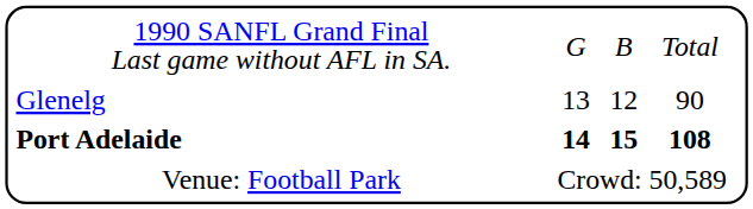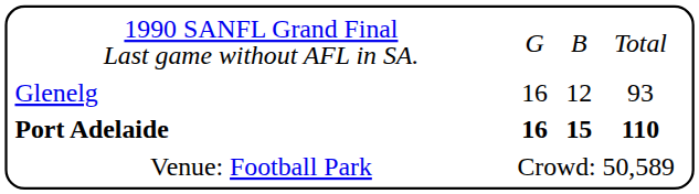 <table style="margin-right:4px; margin-top:8px; float:right; border:1px #000 solid; border-radius:8px; background:#fff; font-family:Verdana; font-size:8pt; text-align:center;">
 <tr>
 <td width=200><a href='#'>1990 SANFL Grand Final</a><br><em>Last game without AFL in SA.</em></td>
 <td><em>G</em></td>
 <td><em>B</em></td>
 <td><em>Total</em></td>
 </tr>
 <tr>
 <td style="text-align:left"><a href='#'>Glenelg</a></td>
-<td>13</td>
+<td>16</td>
 <td>12</td>
-<td>90</td>
+<td>93</td>
 </tr>
 <tr>
 <td style="text-align:left"><strong>Port Adelaide</strong></td>
-<td><strong>14</strong></td>
+<td><strong>16</strong></td>
 <td><strong>15</strong></td>
-<td><strong>108</strong></td>
+<td><strong>110</strong></td>
 </tr>
 <tr>
 <td>Venue: <a href='#'>Football Park</a></td>
 <td colspan=3>Crowd: 50,589</td>
 <td colspan=3></td>
 </tr>
 </table>
